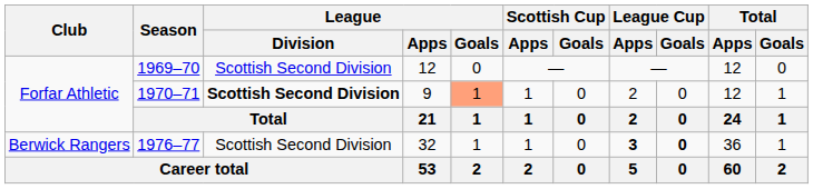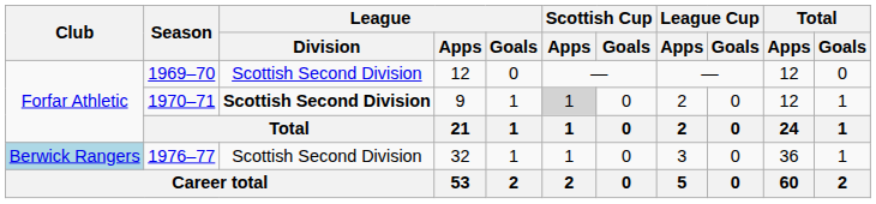 <table class="wikitable" style="text-align: center;">
 <tr>
 <th rowspan="2">Club</th>
 <th rowspan="2">Season</th>
 <th colspan="3">League</th>
 <th colspan="2">Scottish Cup</th>
 <th colspan="2">League Cup</th>
 <th colspan="2">Total</th>
 </tr>
 <tr>
 <th>Division</th>
 <th>Apps</th>
 <th>Goals</th>
 <th>Apps</th>
 <th>Goals</th>
 <th>Apps</th>
 <th>Goals</th>
 <th>Apps</th>
 <th>Goals</th>
 </tr>
 <tr>
 <td rowspan="3"><a href='#'>Forfar Athletic</a></td>
 <td><a href='#'>1969–70</a></td>
 <td><a href='#'>Scottish Second Division</a></td>
 <td>12</td>
 <td>0</td>
 <td colspan="2">—</td>
 <td colspan="2">—</td>
 <td>12</td>
 <td>0</td>
 </tr>
 <tr>
 <td><a href='#'>1970–71</a></td>
 <td><strong>Scottish Second Division</strong></td>
 <td>9</td>
-<td style="background: lightsalmon;">1</td>
 <td>1</td>
+<td style="background: lightgrey;">1</td>
 <td>0</td>
 <td>2</td>
 <td>0</td>
 <td>12</td>
 <td>1</td>
 </tr>
 <tr>
 <th colspan="2">Total</th>
 <th>21</th>
 <th>1</th>
 <th>1</th>
 <th>0</th>
 <th>2</th>
 <th>0</th>
 <th>24</th>
 <th>1</th>
 </tr>
 <tr>
-<td><a href='#'>Berwick Rangers</a></td>
+<td style="background: lightblue;"><a href='#'>Berwick Rangers</a></td>
 <td><a href='#'>1976–77</a></td>
 <td>Scottish Second Division</td>
 <td>32</td>
 <td>1</td>
 <td>1</td>
 <td>0</td>
-<td><strong>3</strong></td>
-<td><strong>0</strong></td>
+<td>3</td>
+<td>0</td>
 <td>36</td>
 <td>1</td>
 </tr>
 <tr>
 <th colspan="3">Career total</th>
 <th>53</th>
 <th>2</th>
 <th>2</th>
 <th>0</th>
 <th>5</th>
 <th>0</th>
 <th>60</th>
 <th>2</th>
 </tr>
 </table>
